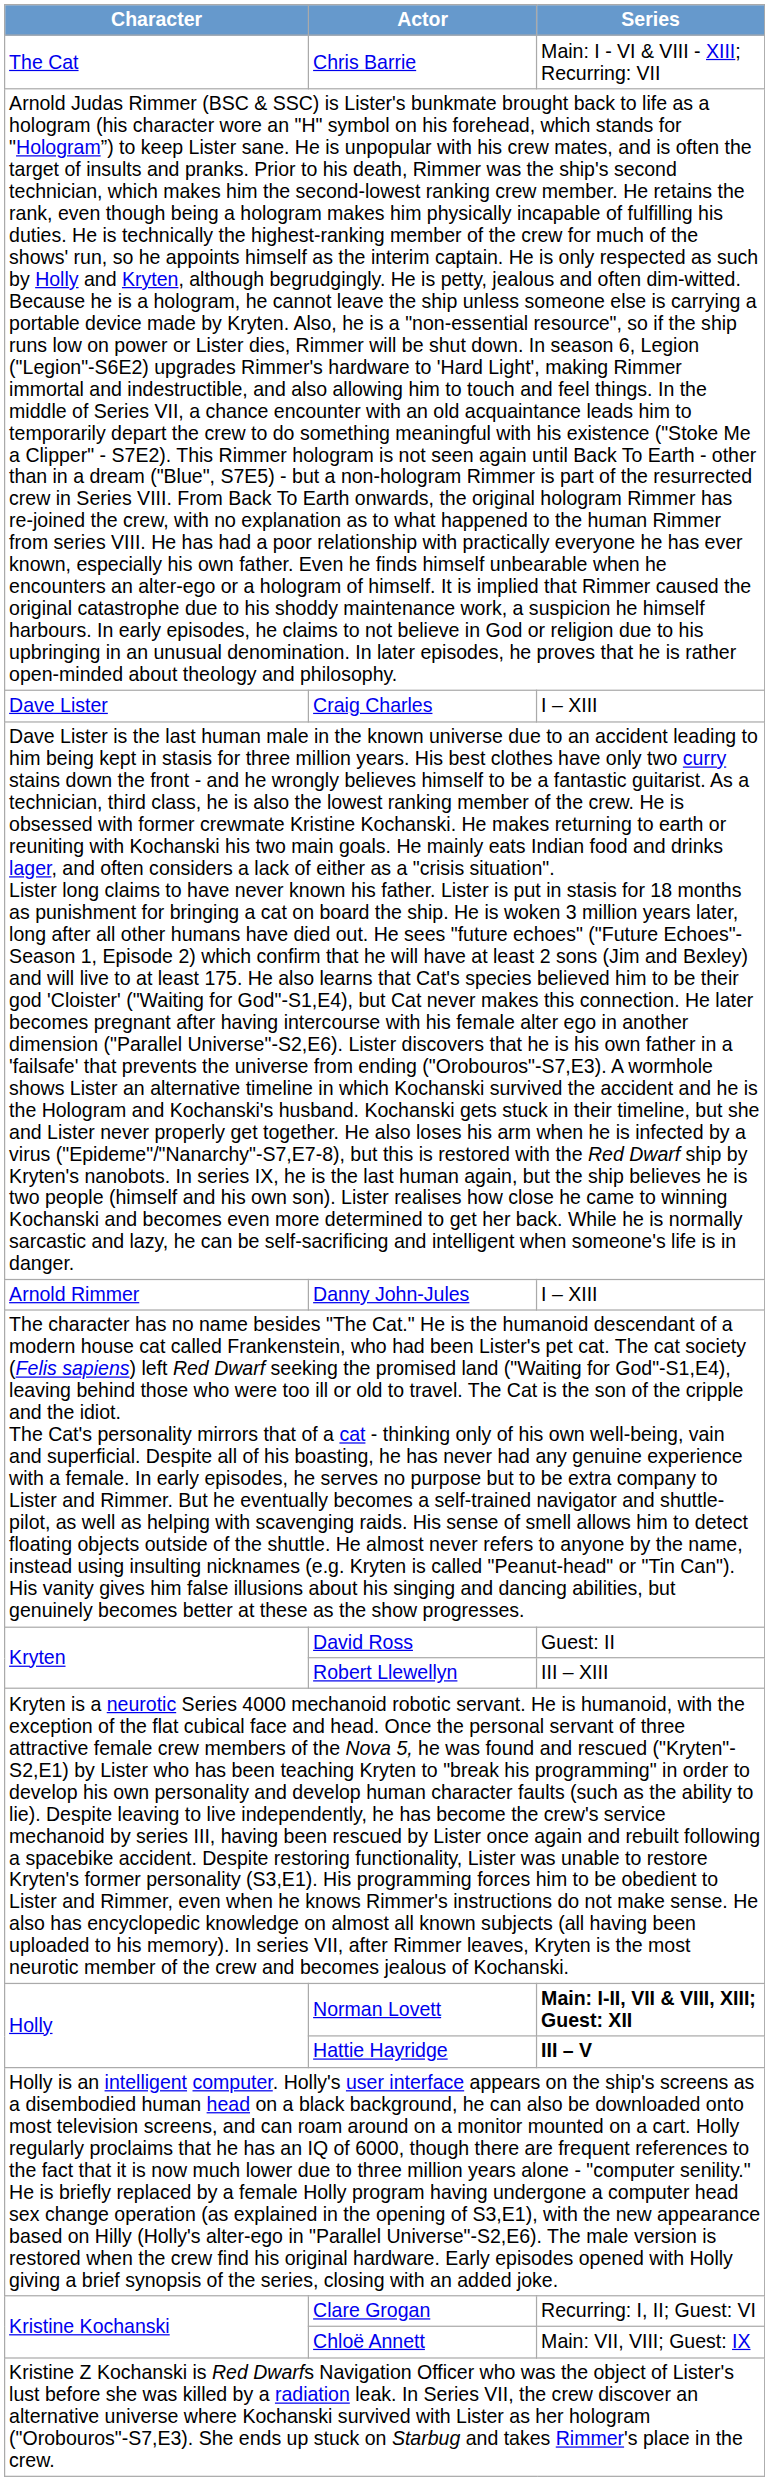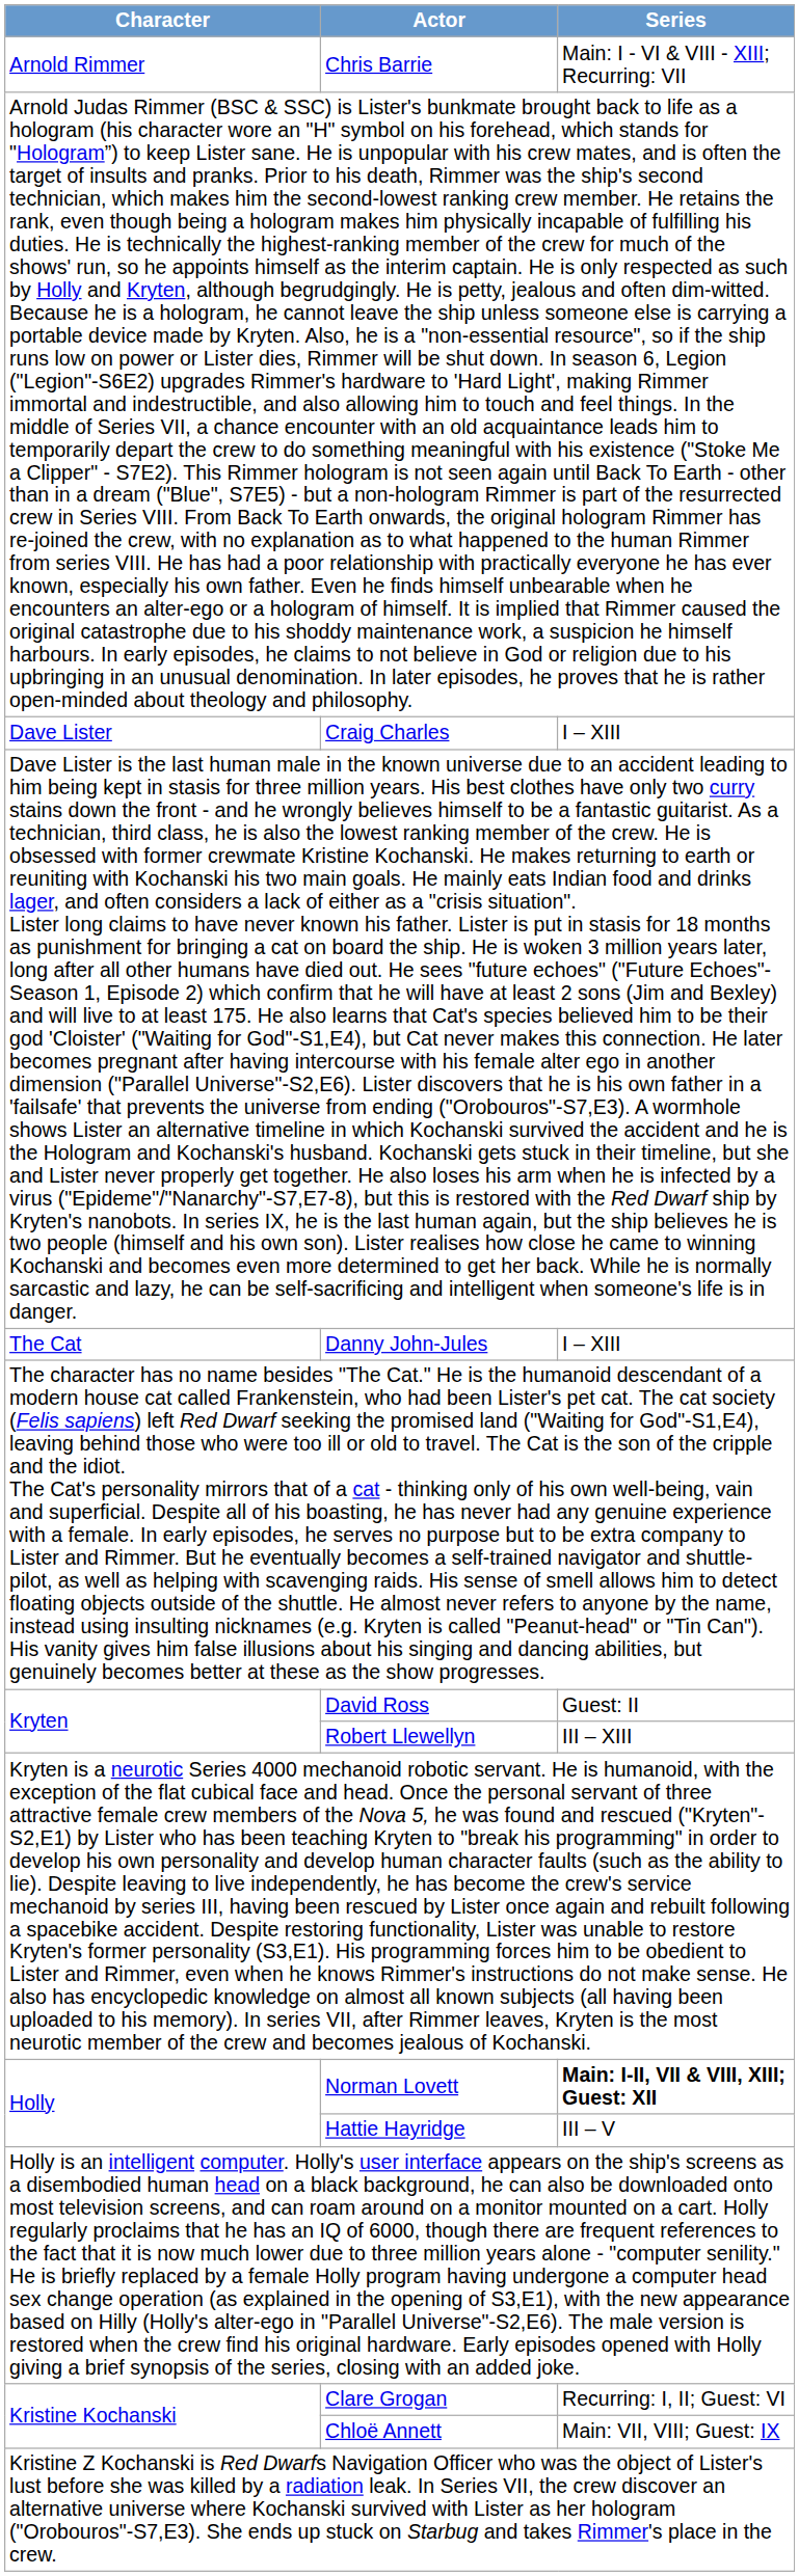 <table class="wikitable" border="1" style="width:100%; margin-right:auto; background:white;">
 <tr style="color:white">
 <th style="background:#69c; width:40%;">Character</th>
 <th style="background:#69c; width:30%;">Actor</th>
 <th style="background:#69c; width:30%;">Series</th>
 </tr>
 <tr>
-<td><a href='#'>The Cat</a></td>
+<td><a href='#'>Arnold Rimmer</a></td>
 <td><a href='#'>Chris Barrie</a></td>
 <td>Main: I - VI & VIII - <a href='#'>XIII</a>; Recurring: VII</td>
 </tr>
 <tr>
 <td colspan="3">Arnold Judas Rimmer (BSC & SSC) is Lister's bunkmate brought back to life as a hologram (his character wore an "H" symbol on his forehead, which stands for "<a href='#'>Hologram</a>”) to keep Lister sane.  He is unpopular with his crew mates, and is often the target of insults and pranks. Prior to his death, Rimmer was the ship's second technician, which makes him the second-lowest ranking crew member. He retains the rank, even though being a hologram makes him physically incapable of fulfilling his duties. He is technically the highest-ranking member of the crew for much of the shows' run, so he appoints himself as the interim captain. He is only respected as such by <a href='#'>Holly</a> and <a href='#'>Kryten</a>, although begrudgingly. He is petty, jealous and often dim-witted.<br>Because he is a hologram, he cannot leave the ship unless someone else is carrying a portable device made by Kryten. Also, he is a "non-essential resource", so if the ship runs low on power or Lister dies, Rimmer will be shut down. In season 6, Legion ("Legion"-S6E2) upgrades Rimmer's hardware to 'Hard Light', making Rimmer immortal and indestructible, and also allowing him to touch and feel things. In the middle of Series VII, a chance encounter with an old acquaintance leads him to temporarily depart the crew to do something meaningful with his existence ("Stoke Me a Clipper" - S7E2). This Rimmer hologram is not seen again until Back To Earth - other than in a dream ("Blue", S7E5) - but a non-hologram Rimmer is part of the resurrected crew in Series VIII. From Back To Earth onwards, the original hologram Rimmer has re-joined the crew, with no explanation as to what happened to the human Rimmer from series VIII. He has had a poor relationship with practically everyone he has ever known, especially his own father. Even he finds himself unbearable when he encounters an alter-ego or a hologram of himself. It is implied that Rimmer caused the original catastrophe due to his shoddy maintenance work, a suspicion he himself harbours. In early episodes, he claims to not believe in God or religion due to his upbringing in an unusual denomination. In later episodes, he proves that he is rather open-minded about theology and philosophy.</td>
 </tr>
 <tr>
 <td><a href='#'>Dave Lister</a></td>
 <td><a href='#'>Craig Charles</a></td>
 <td>I – XIII</td>
 </tr>
 <tr>
 <td colspan="3">Dave Lister is the last human male in the known universe due to an accident leading to him being kept in stasis for three million years. His best clothes have only two <a href='#'>curry</a> stains down the front - and he wrongly believes himself to be a fantastic guitarist. As a technician, third class, he is also the lowest ranking member of the crew. He is obsessed with former crewmate Kristine Kochanski. He makes returning to earth or reuniting with Kochanski his two main goals. He mainly eats Indian food and drinks <a href='#'>lager</a>, and often considers a lack of either as a "crisis situation".<br>Lister long claims to have never known his father. Lister is put in stasis for 18 months as punishment for bringing a cat on board the ship. He is woken 3 million years later, long after all other humans have died out. He sees "future echoes" ("Future Echoes"-Season 1, Episode 2) which confirm that he will have at least 2 sons (Jim and Bexley) and will live to at least 175. He also learns that Cat's species believed him to be their god 'Cloister' ("Waiting for God"-S1,E4), but Cat never makes this connection. He later becomes pregnant after having intercourse with his female alter ego in another dimension ("Parallel Universe"-S2,E6). Lister discovers that he is his own father in a 'failsafe' that prevents the universe from ending ("Orobouros"-S7,E3). A wormhole shows Lister an alternative timeline in which Kochanski survived the accident and he is the Hologram and Kochanski's husband. Kochanski gets stuck in their timeline, but she and Lister never properly get together. He also loses his arm when he is infected by a virus ("Epideme"/"Nanarchy"-S7,E7-8), but this is restored with the <em>Red Dwarf</em> ship by Kryten's nanobots. In series IX, he is the last human again, but the ship believes he is two people (himself and his own son). Lister realises how close he came to winning Kochanski and becomes even more determined to get her back. While he is normally sarcastic and lazy, he can be self-sacrificing and intelligent when someone's life is in danger.</td>
 </tr>
 <tr>
-<td><a href='#'>Arnold Rimmer</a></td>
+<td><a href='#'>The Cat</a></td>
 <td><a href='#'>Danny John-Jules</a></td>
 <td>I – XIII</td>
 </tr>
 <tr>
 <td colspan="3">The character has no name besides "The Cat." He is the humanoid descendant of a modern house cat called Frankenstein, who had been Lister's pet cat. The cat society (<em><a href='#'>Felis sapiens</a></em>) left <em>Red Dwarf</em> seeking the promised land ("Waiting for God"-S1,E4), leaving behind those who were too ill or old to travel. The Cat is the son of the cripple and the idiot.<br>The Cat's personality mirrors that of a <a href='#'>cat</a> - thinking only of his own well-being, vain and superficial. Despite all of his boasting, he has never had any genuine experience with a female. In early episodes, he serves no purpose but to be extra company to Lister and Rimmer. But he eventually becomes a self-trained navigator and shuttle-pilot, as well as helping with scavenging raids. His sense of smell allows him to detect floating objects outside of the shuttle. He almost never refers to anyone by the name, instead using insulting nicknames (e.g. Kryten is called "Peanut-head" or "Tin Can"). His vanity gives him false illusions about his singing and dancing abilities, but genuinely becomes better at these as the show progresses.</td>
 </tr>
 <tr>
 <td rowspan=2><a href='#'>Kryten</a></td>
 <td><a href='#'>David Ross</a></td>
 <td>Guest: II</td>
 </tr>
 <tr>
 <td><a href='#'>Robert Llewellyn</a></td>
 <td>III – XIII</td>
 </tr>
 <tr>
 <td colspan="3">Kryten is a <a href='#'>neurotic</a> Series 4000 mechanoid robotic servant. He is humanoid, with the exception of the flat cubical face and head. Once the personal servant of three attractive female crew members of the <em>Nova 5,</em> he was found and rescued ("Kryten"-S2,E1) by Lister who has been teaching Kryten to "break his programming" in order to develop his own personality and develop human character faults (such as the ability to lie). Despite leaving to live independently, he has become the crew's service mechanoid by series III, having been rescued by Lister once again and rebuilt following a spacebike accident. Despite restoring functionality, Lister was unable to restore Kryten's former personality (S3,E1). His programming forces him to be obedient to Lister and Rimmer, even when he knows Rimmer's instructions do not make sense. He also has encyclopedic knowledge on almost all known subjects (all having been uploaded to his memory). In series VII, after Rimmer leaves, Kryten is the most neurotic member of the crew and becomes jealous of Kochanski.</td>
 </tr>
 <tr>
 <td rowspan=2><a href='#'>Holly</a></td>
 <td><a href='#'>Norman Lovett</a></td>
 <td><strong>Main: I-II, VII & VIII, XIII; Guest: XII</strong></td>
 </tr>
 <tr>
 <td><a href='#'>Hattie Hayridge</a></td>
-<td><strong>III – V</strong></td>
+<td>III – V</td>
 </tr>
 <tr>
 <td colspan="3">Holly is an <a href='#'>intelligent</a> <a href='#'>computer</a>. Holly's <a href='#'>user interface</a> appears on the ship's screens as a disembodied human <a href='#'>head</a> on a black background, he can also be downloaded onto most television screens, and can roam around on a monitor mounted on a cart. Holly regularly proclaims that he has an IQ of 6000, though there are frequent references to the fact that it is now much lower due to three million years alone - "computer senility." He is briefly replaced by a female Holly program having undergone a computer head sex change operation (as explained in the opening of S3,E1), with the new appearance based on Hilly (Holly's alter-ego in "Parallel Universe"-S2,E6). The male version is restored when the crew find his original hardware. Early episodes opened with Holly giving a brief synopsis of the series, closing with an added joke.</td>
 </tr>
 <tr>
 <td rowspan=2><a href='#'>Kristine Kochanski</a></td>
 <td><a href='#'>Clare Grogan</a></td>
 <td>Recurring: I, II; Guest: VI</td>
 </tr>
 <tr>
 <td><a href='#'>Chloë Annett</a></td>
 <td>Main: VII, VIII; Guest: <a href='#'>IX</a></td>
 </tr>
 <tr>
 <td colspan="3">Kristine Z Kochanski is <em>Red Dwarf</em>s Navigation Officer who was the object of Lister's lust before she was killed by a <a href='#'>radiation</a> leak. In Series VII, the crew discover an alternative universe where Kochanski survived with Lister as her hologram ("Orobouros"-S7,E3). She ends up stuck on <em>Starbug</em> and takes <a href='#'>Rimmer</a>'s place in the crew.</td>
 </tr>
 </table>
